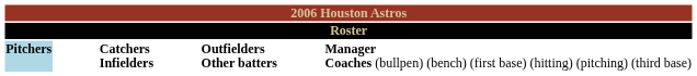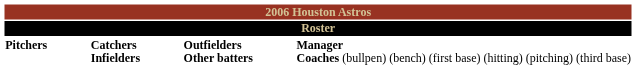 <table class="toccolours" style="font-size: 100%;">
 <tr>
 <th colspan="10" style="background:#983222; color:#d2c295; text-align:center;">2006 Houston Astros</th>
 </tr>
 <tr>
 <td colspan="10" style="background:#000; color:#d2c295; text-align:center;"><strong>Roster</strong></td>
 </tr>
 <tr>
-<td valign="top" style="background: lightblue;"><strong>Pitchers</strong><br>                  </td>
+<td valign="top"><strong>Pitchers</strong><br>                  </td>
 <td width="50px"></td>
 <td valign="top"><strong>Catchers</strong><br>    <strong>Infielders</strong>        </td>
 <td width="50px"></td>
 <td valign="top"><strong>Outfielders</strong><br>       <strong>Other batters</strong> </td>
 <td width="50px"></td>
 <td valign="top"><strong>Manager</strong><br> <strong>Coaches</strong> (bullpen)  (bench)  (first base)  (hitting)  (pitching)  (third base)</td>
 </tr>
 </table>
